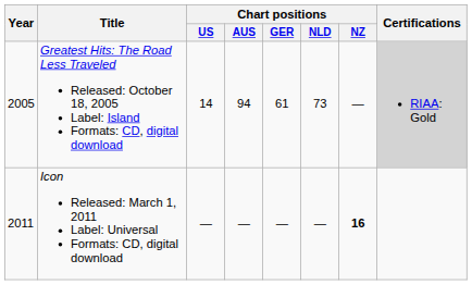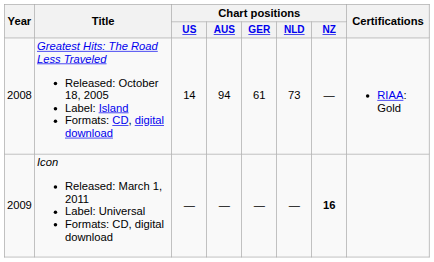 <table class="wikitable">
 <tr>
 <th scope="col" rowspan="2">Year</th>
 <th scope="col" rowspan="2">Title</th>
 <th scope="col" colspan="5">Chart positions</th>
 <th scope="col" rowspan="2">Certifications</th>
 </tr>
 <tr>
 <th style="width:3em;font-size:90%"><a href='#'>US</a><br></th>
 <th style="width:3em;font-size:90%"><a href='#'>AUS</a><br></th>
 <th style="width:3em;font-size:90%"><a href='#'>GER</a><br></th>
 <th style="width:3em;font-size:90%"><a href='#'>NLD</a><br></th>
 <th style="width:3em;font-size:90%"><a href='#'>NZ</a><br></th>
 </tr>
 <tr>
-<td>2005</td>
+<td>2008</td>
 <td><em><a href='#'>Greatest Hits: The Road Less Traveled</a></em><br><ul><li>Released: October 18, 2005</li><li>Label: <a href='#'>Island</a></li><li>Formats: <a href='#'>CD</a>, <a href='#'>digital download</a></li></ul></td>
 <td style="text-align:center;">14</td>
 <td style="text-align:center;">94</td>
 <td style="text-align:center;">61</td>
 <td style="text-align:center;">73</td>
 <td style="text-align:center;">—</td>
-<td style="background: lightgrey;"><br><ul><li><a href='#'>RIAA</a>: Gold</li></ul></td>
+<td><br><ul><li><a href='#'>RIAA</a>: Gold</li></ul></td>
 </tr>
 <tr>
-<td>2011</td>
+<td>2009</td>
 <td><em>Icon</em><br><ul><li>Released: March 1, 2011</li><li>Label: Universal</li><li>Formats: CD, digital download</li></ul></td>
 <td style="text-align:center;">—</td>
 <td style="text-align:center;">—</td>
 <td style="text-align:center;">—</td>
 <td style="text-align:center;">—</td>
 <td style="text-align:center;"><strong>16</strong></td>
 <td></td>
 </tr>
 </table>
